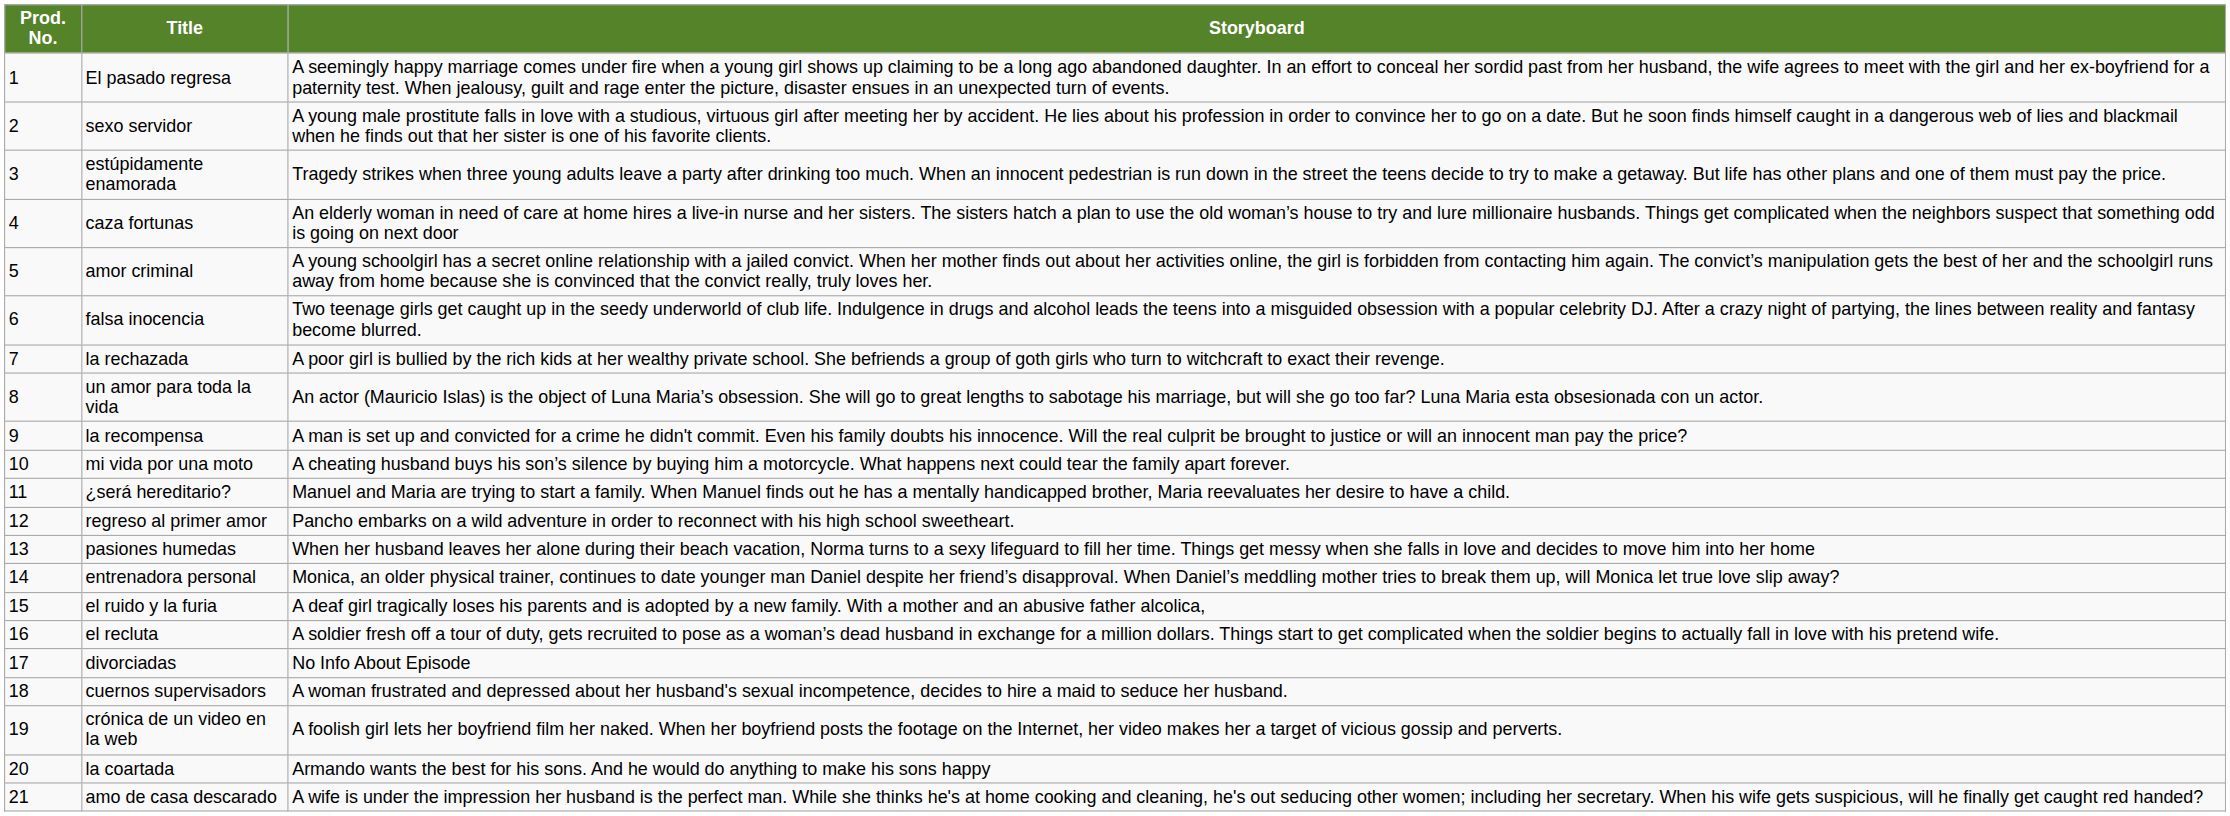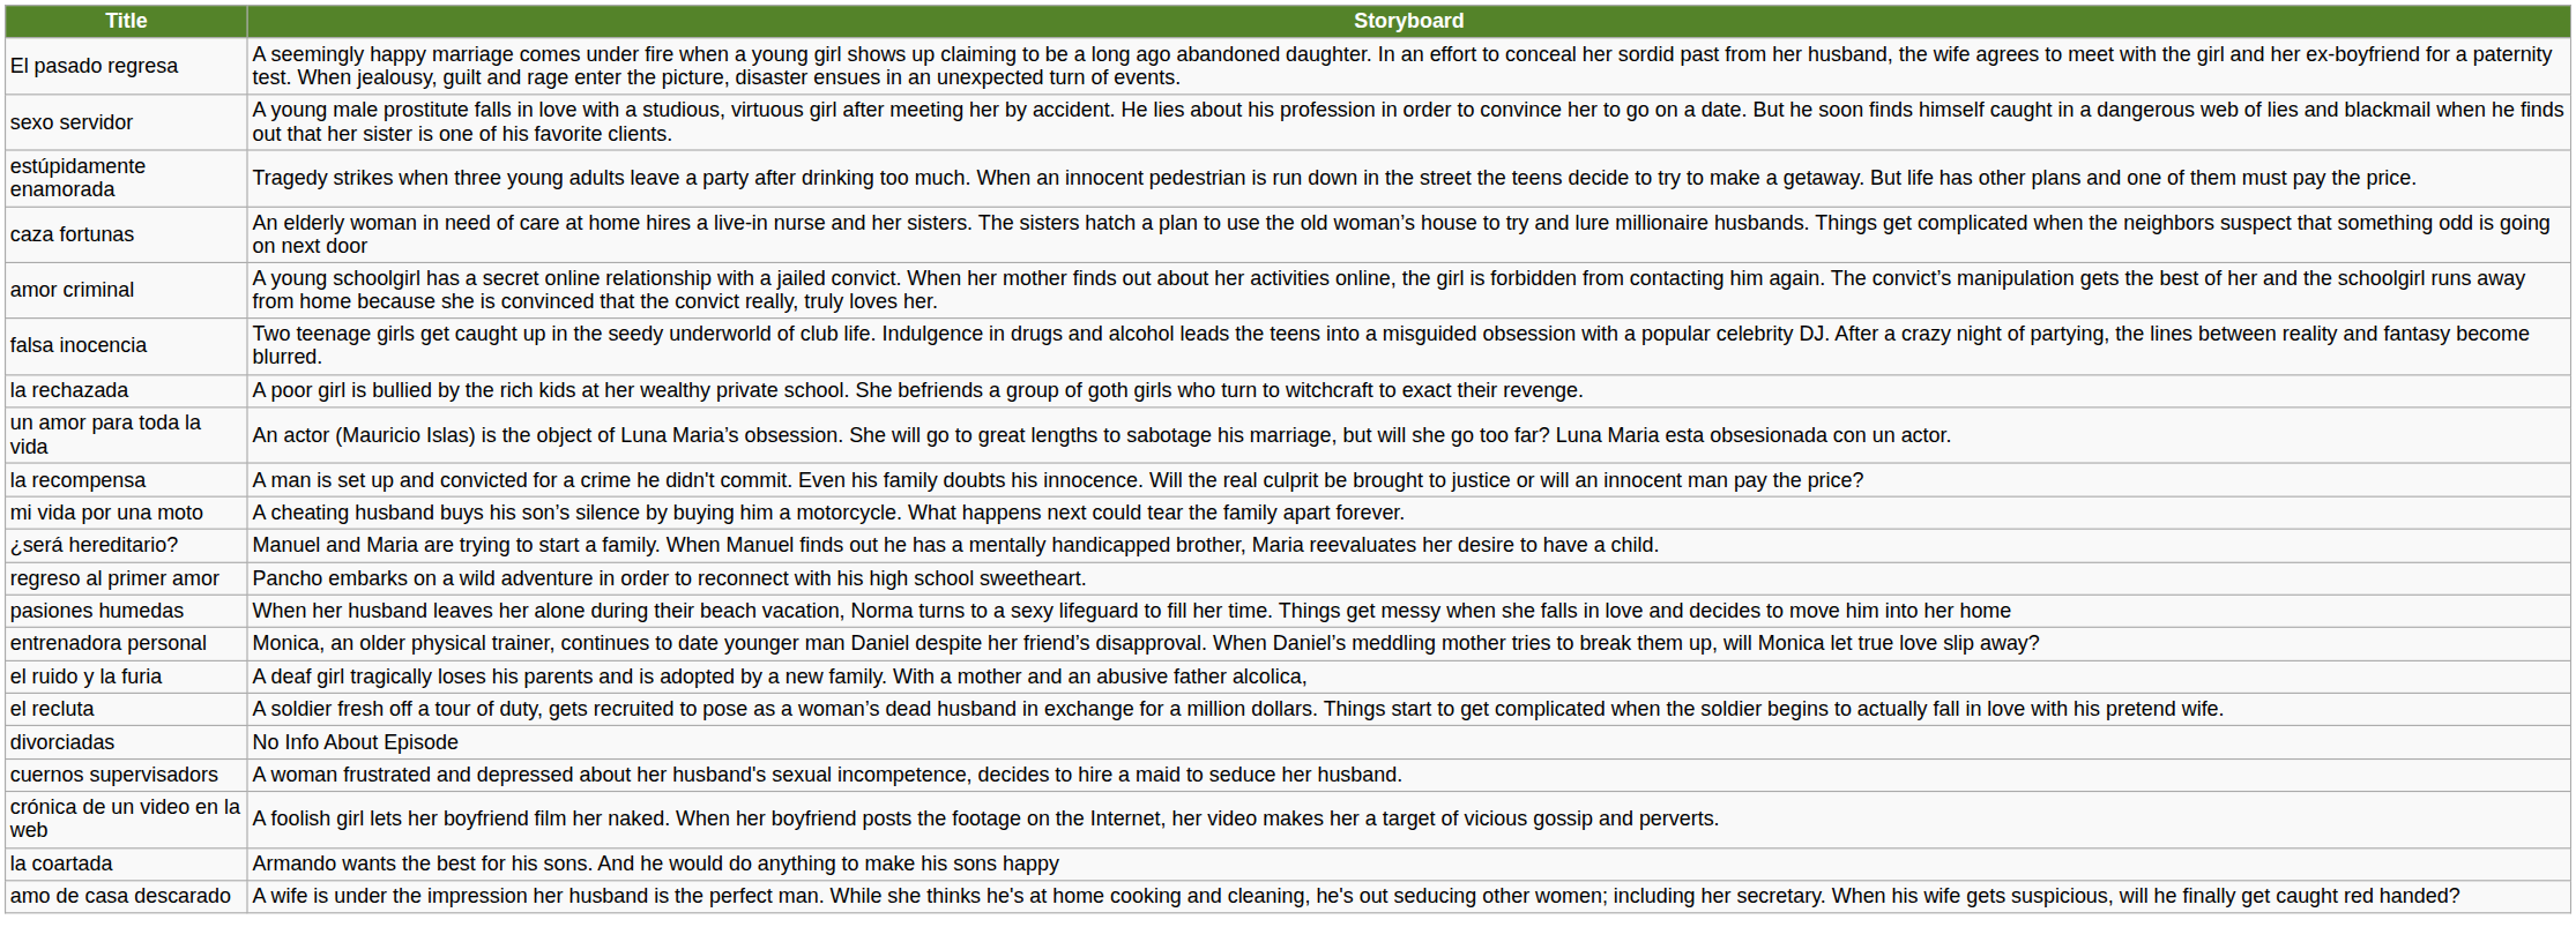 <table class="wikitable plainrowheaders" style="width: 100%; margin-right: 0;">
 <tr style="color:white;">
-<th style="background: #548329; color:inherit;">Prod. No.</th>
 <th style="background: #548329; color:inherit;">Title</th>
 <th style="background: #548329; color:inherit;">Storyboard</th>
 </tr>
 <tr>
-<td>1</td>
 <td>El pasado regresa</td>
 <td>A seemingly happy marriage comes under fire when a young girl shows up claiming to be a long ago abandoned daughter. In an effort to conceal her sordid past from her husband, the wife agrees to meet with the girl and her ex-boyfriend for a paternity test. When jealousy, guilt and rage enter the picture, disaster ensues in an unexpected turn of events.</td>
 </tr>
 <tr>
-<td>2</td>
 <td>sexo servidor</td>
 <td>A young male prostitute falls in love with a studious, virtuous girl after meeting her by accident. He lies about his profession in order to convince her to go on a date. But he soon finds himself caught in a dangerous web of lies and blackmail when he finds out that her sister is one of his favorite clients.</td>
 </tr>
 <tr>
-<td>3</td>
 <td>estúpidamente enamorada</td>
 <td>Tragedy strikes when three young adults leave a party after drinking too much. When an innocent pedestrian is run down in the street the teens decide to try to make a getaway. But life has other plans and one of them must pay the price.</td>
 </tr>
 <tr>
-<td>4</td>
 <td>caza fortunas</td>
 <td>An elderly woman in need of care at home hires a live-in nurse and her sisters. The sisters hatch a plan to use the old woman’s house to try and lure millionaire husbands. Things get complicated when the neighbors suspect that something odd is going on next door</td>
 </tr>
 <tr>
-<td>5</td>
 <td>amor criminal</td>
 <td>A young schoolgirl has a secret online relationship with a jailed convict. When her mother finds out about her activities online, the girl is forbidden from contacting him again. The convict’s manipulation gets the best of her and the schoolgirl runs away from home because she is convinced that the convict really, truly loves her.</td>
 </tr>
 <tr>
-<td>6</td>
 <td>falsa inocencia</td>
 <td>Two teenage girls get caught up in the seedy underworld of club life. Indulgence in drugs and alcohol leads the teens into a misguided obsession with a popular celebrity DJ. After a crazy night of partying, the lines between reality and fantasy become blurred.</td>
 </tr>
 <tr>
-<td>7</td>
 <td>la rechazada</td>
 <td>A poor girl is bullied by the rich kids at her wealthy private school. She befriends a group of goth girls who turn to witchcraft to exact their revenge.</td>
 </tr>
 <tr>
-<td>8</td>
 <td>un amor para toda la vida</td>
 <td>An actor (Mauricio Islas) is the object of Luna Maria’s obsession. She will go to great lengths to sabotage his marriage, but will she go too far? Luna Maria esta obsesionada con un actor.</td>
 </tr>
 <tr>
-<td>9</td>
 <td>la recompensa</td>
 <td>A man is set up and convicted for a crime he didn't commit. Even his family doubts his innocence. Will the real culprit be brought to justice or will an innocent man pay the price?</td>
 </tr>
 <tr>
-<td>10</td>
 <td>mi vida por una moto</td>
 <td>A cheating husband buys his son’s silence by buying him a motorcycle. What happens next could tear the family apart forever.</td>
 </tr>
 <tr>
-<td>11</td>
 <td>¿será hereditario?</td>
 <td>Manuel and Maria are trying to start a family. When Manuel finds out he has a mentally handicapped brother, Maria reevaluates her desire to have a child.</td>
 </tr>
 <tr>
-<td>12</td>
 <td>regreso al primer amor</td>
 <td>Pancho embarks on a wild adventure in order to reconnect with his high school sweetheart.</td>
 </tr>
 <tr>
-<td>13</td>
 <td>pasiones humedas</td>
 <td>When her husband leaves her alone during their beach vacation, Norma turns to a sexy lifeguard to fill her time. Things get messy when she falls in love and decides to move him into her home</td>
 </tr>
 <tr>
-<td>14</td>
 <td>entrenadora personal</td>
 <td>Monica, an older physical trainer, continues to date younger man Daniel despite her friend’s disapproval. When Daniel’s meddling mother tries to break them up, will Monica let true love slip away?</td>
 </tr>
 <tr>
-<td>15</td>
 <td>el ruido y la furia</td>
 <td>A deaf girl tragically loses his parents and is adopted by a new family. With a mother and an abusive father alcolica,</td>
 </tr>
 <tr>
-<td>16</td>
 <td>el recluta</td>
 <td>A soldier fresh off a tour of duty, gets recruited to pose as a woman’s dead husband in exchange for a million dollars. Things start to get complicated when the soldier begins to actually fall in love with his pretend wife.</td>
 </tr>
 <tr>
-<td>17</td>
 <td>divorciadas</td>
 <td>No Info About Episode</td>
 </tr>
 <tr>
-<td>18</td>
 <td>cuernos supervisadors</td>
 <td>A woman frustrated and depressed about her husband's sexual incompetence, decides to hire a maid to seduce her husband.</td>
 </tr>
 <tr>
-<td>19</td>
 <td>crónica de un video en la web</td>
 <td>A foolish girl lets her boyfriend film her naked. When her boyfriend posts the footage on the Internet, her video makes her a target of vicious gossip and perverts.</td>
 </tr>
 <tr>
-<td>20</td>
 <td>la coartada</td>
 <td>Armando wants the best for his sons. And he would do anything to make his sons happy</td>
 </tr>
 <tr>
-<td>21</td>
 <td>amo de casa descarado</td>
 <td>A wife is under the impression her husband is the perfect man. While she thinks he's at home cooking and cleaning, he's out seducing other women; including her secretary. When his wife gets suspicious, will he finally get caught red handed?</td>
 </tr>
 </table>
